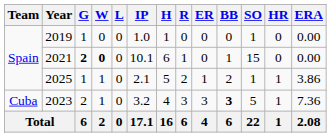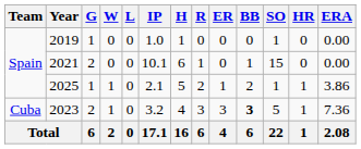 <table class="wikitable sortable" style="text-align:center">
 <tr>
 <th>Team</th>
 <th>Year</th>
 <th><a href='#'>G</a></th>
 <th><a href='#'>W</a></th>
 <th><a href='#'>L</a></th>
 <th><a href='#'>IP</a></th>
 <th><a href='#'>H</a></th>
 <th><a href='#'>R</a></th>
 <th><a href='#'>ER</a></th>
 <th><a href='#'>BB</a></th>
 <th><a href='#'>SO</a></th>
 <th><a href='#'>HR</a></th>
 <th><a href='#'>ERA</a></th>
 </tr>
 <tr>
 <td rowspan=3><a href='#'>Spain</a></td>
 <td>2019</td>
 <td>1</td>
 <td>0</td>
 <td>0</td>
 <td>1.0</td>
 <td>1</td>
 <td>0</td>
 <td>0</td>
 <td>0</td>
 <td>1</td>
 <td>0</td>
 <td>0.00</td>
 </tr>
 <tr>
 <td>2021</td>
-<td><strong>2</strong></td>
-<td><strong>0</strong></td>
+<td>2</td>
+<td>0</td>
 <td>0</td>
 <td>10.1</td>
 <td>6</td>
 <td>1</td>
 <td>0</td>
 <td>1</td>
 <td>15</td>
 <td>0</td>
 <td>0.00</td>
 </tr>
 <tr>
 <td>2025</td>
 <td>1</td>
 <td>1</td>
 <td>0</td>
 <td>2.1</td>
 <td>5</td>
 <td>2</td>
 <td>1</td>
 <td>2</td>
 <td>1</td>
 <td>1</td>
 <td>3.86</td>
 </tr>
 <tr>
 <td><a href='#'>Cuba</a></td>
 <td>2023</td>
 <td>2</td>
 <td>1</td>
 <td>0</td>
 <td>3.2</td>
 <td>4</td>
 <td>3</td>
 <td>3</td>
 <td><strong>3</strong></td>
 <td>5</td>
 <td>1</td>
 <td>7.36</td>
 </tr>
 <tr>
 <th colspan=2>Total</th>
 <th>6</th>
 <th>2</th>
 <th>0</th>
 <th>17.1</th>
 <th>16</th>
 <th>6</th>
 <th>4</th>
 <th>6</th>
 <th>22</th>
 <th>1</th>
 <th>2.08</th>
 </tr>
 </table>
